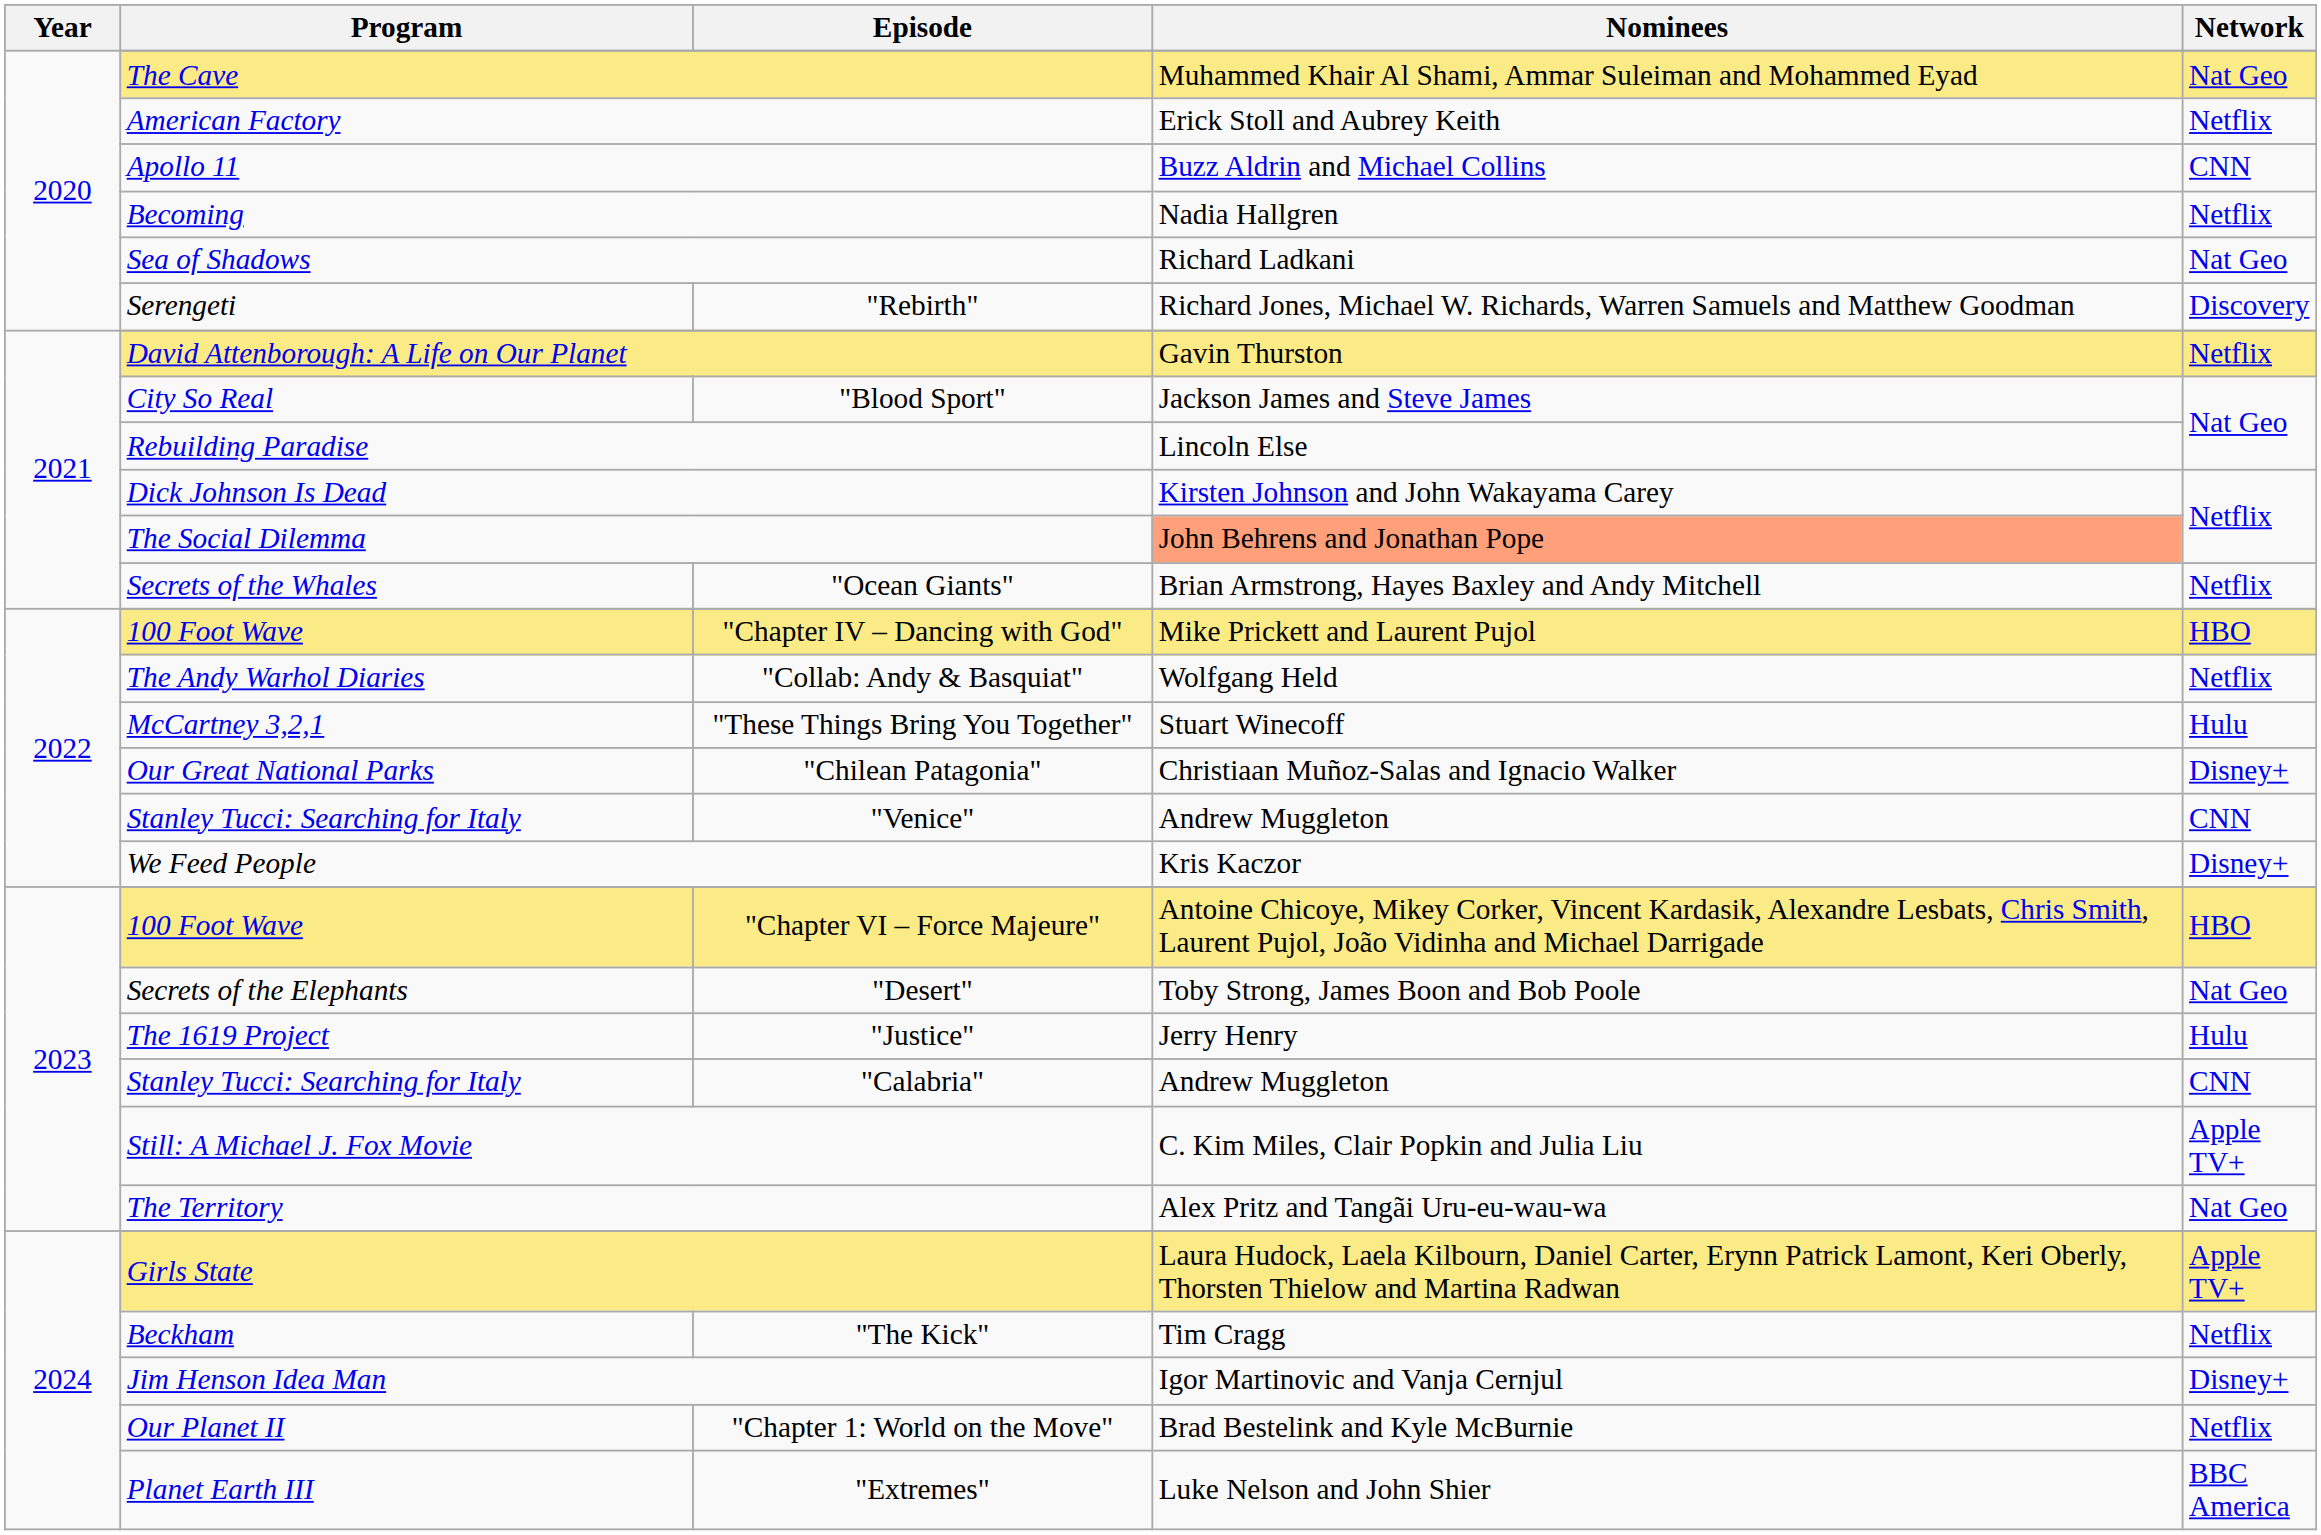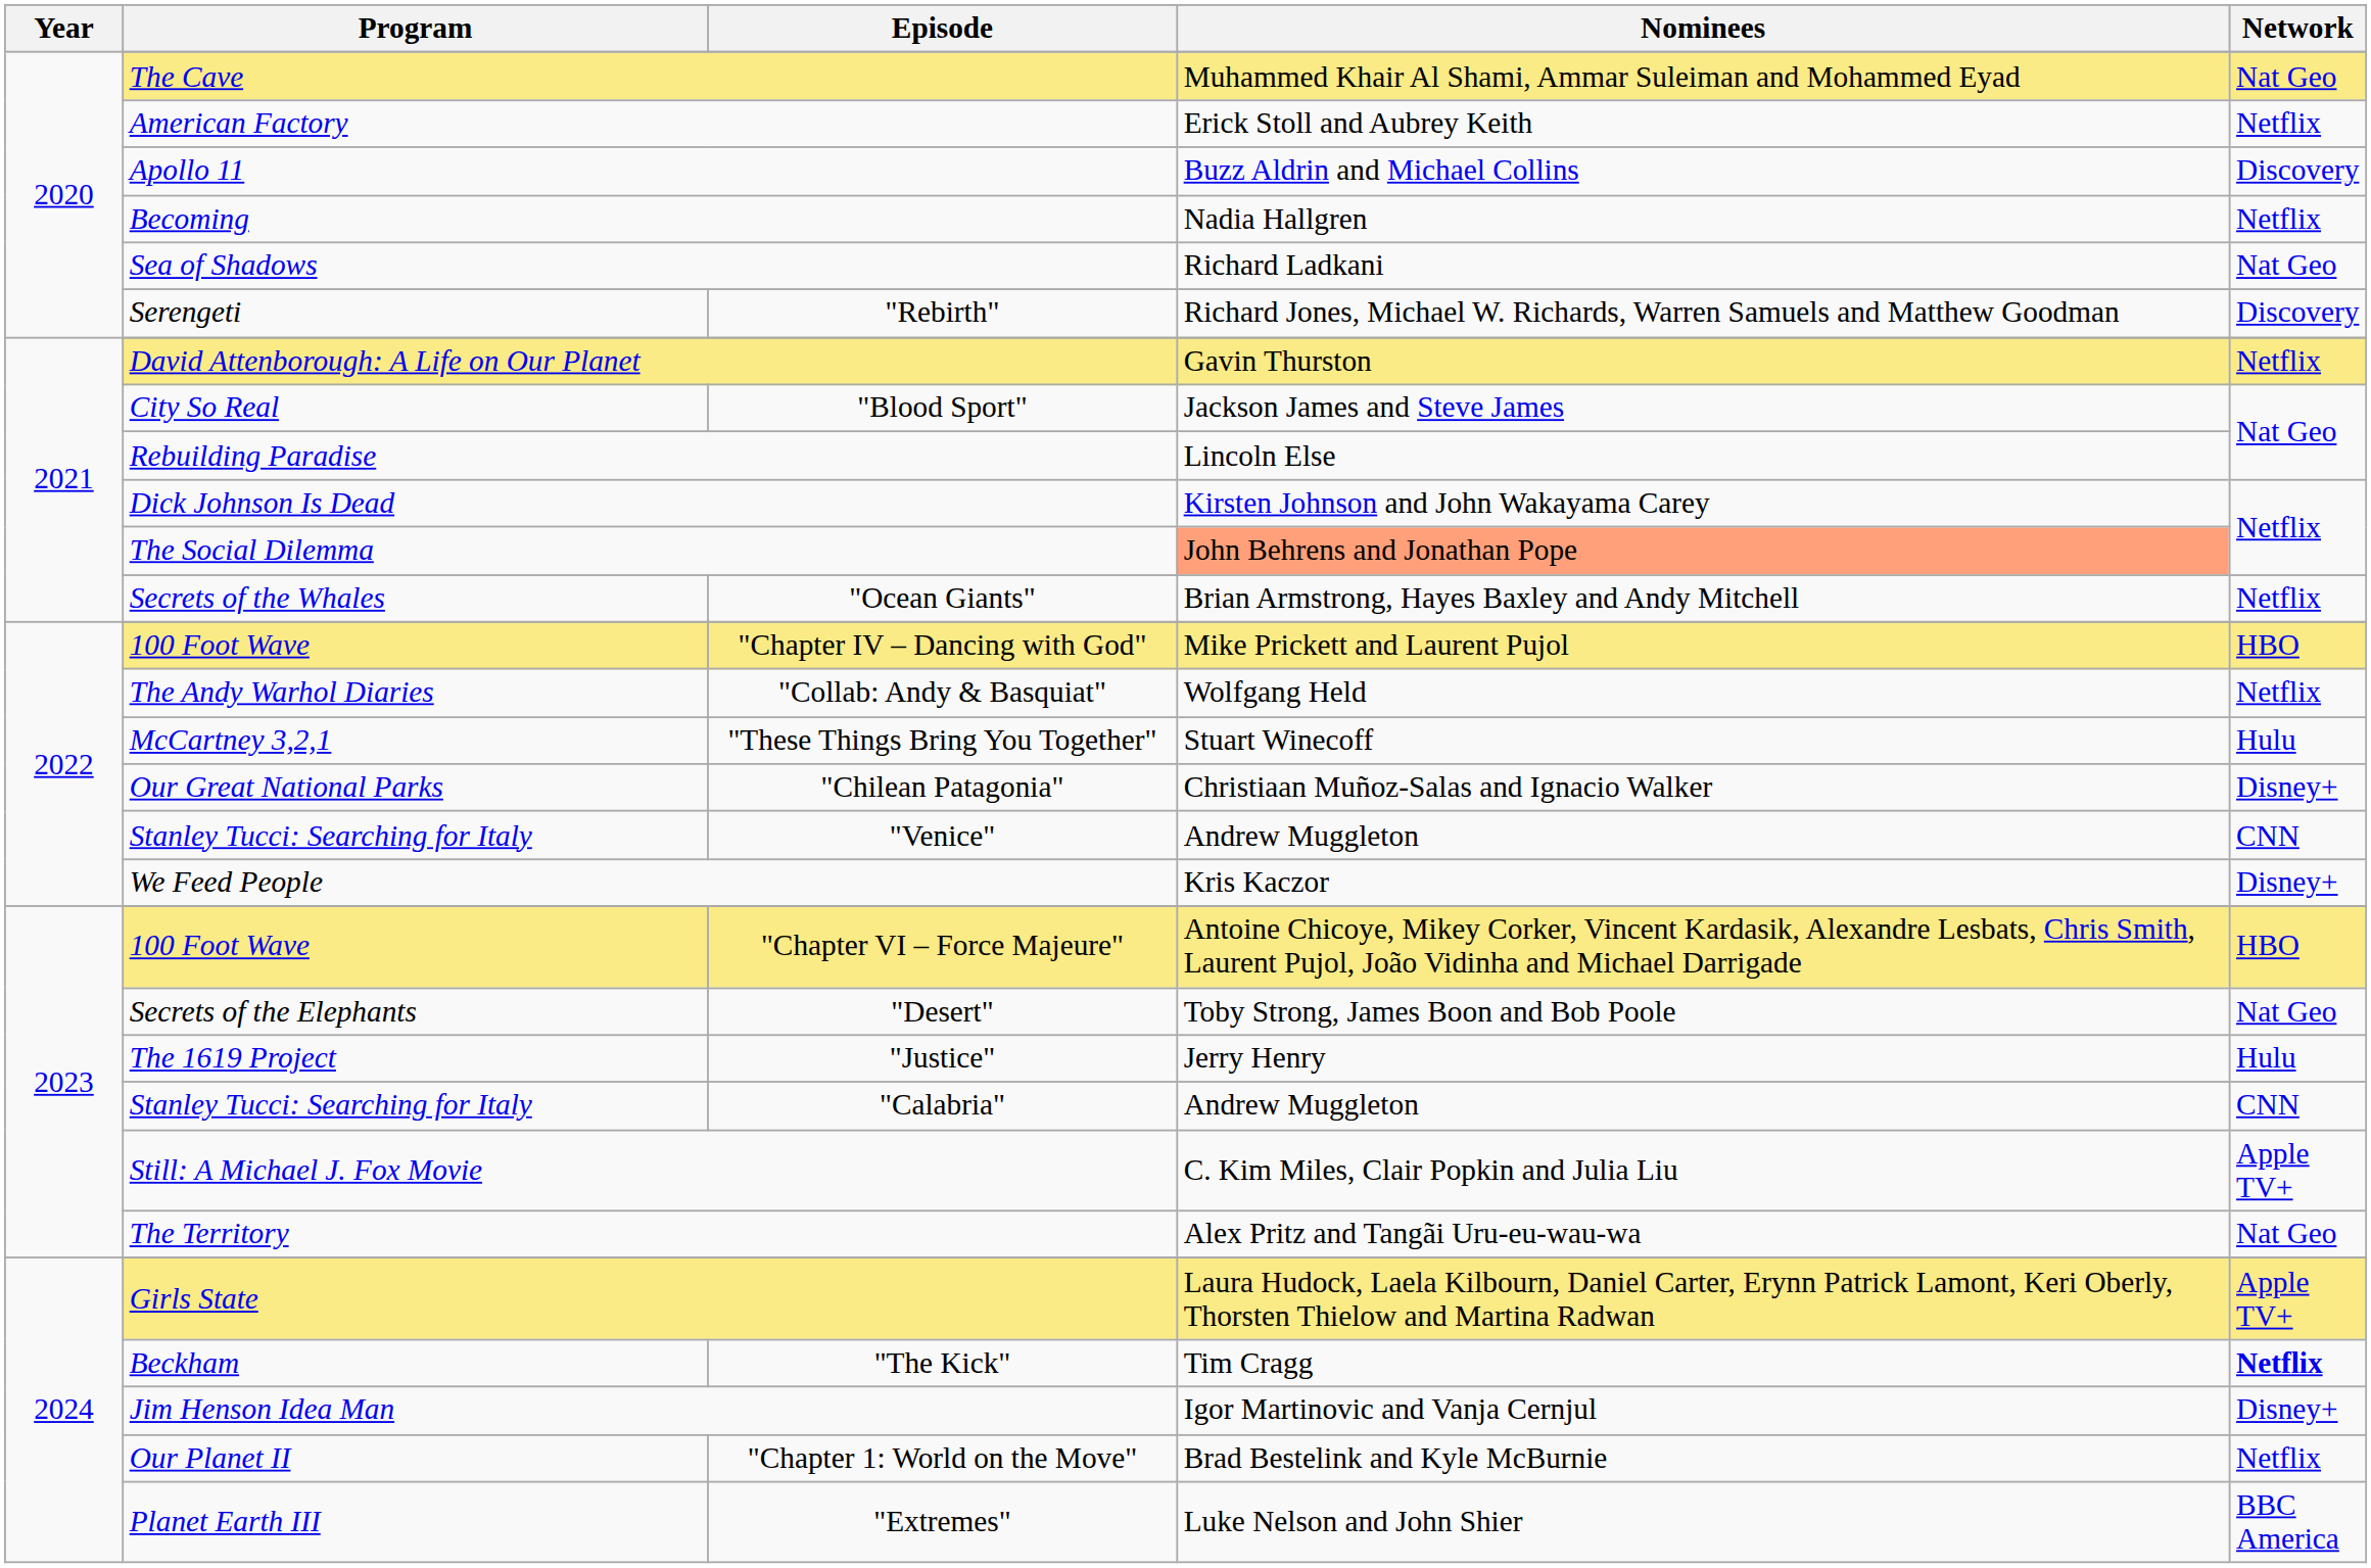 <table class="wikitable" style="width:100%">
 <tr style="background:#bebebe;">
 <th style="width:5%;">Year</th>
 <th style="width:25%;">Program</th>
 <th style="width:20%;">Episode</th>
 <th style="width:45%;">Nominees</th>
 <th style="width:5%;">Network</th>
 </tr>
 <tr>
 <td rowspan=7 style="text-align:center;"><a href='#'>2020</a><br></td>
 </tr>
 <tr style="background:#FAEB86;">
 <td colspan=2><em><a href='#'>The Cave</a></em></td>
 <td>Muhammed Khair Al Shami, Ammar Suleiman and Mohammed Eyad</td>
 <td><a href='#'>Nat Geo</a></td>
 </tr>
 <tr>
 <td colspan=2><em><a href='#'>American Factory</a></em></td>
 <td>Erick Stoll and Aubrey Keith</td>
 <td><a href='#'>Netflix</a></td>
 </tr>
 <tr>
 <td colspan=2><em><a href='#'>Apollo 11</a></em></td>
 <td><a href='#'>Buzz Aldrin</a> and <a href='#'>Michael Collins</a></td>
-<td><a href='#'>CNN</a></td>
+<td><a href='#'>Discovery</a></td>
 </tr>
 <tr>
 <td colspan=2><em><a href='#'>Becoming</a></em></td>
 <td>Nadia Hallgren</td>
 <td><a href='#'>Netflix</a></td>
 </tr>
 <tr>
 <td colspan=2><em><a href='#'>Sea of Shadows</a></em></td>
 <td>Richard Ladkani</td>
 <td><a href='#'>Nat Geo</a></td>
 </tr>
 <tr>
 <td><em>Serengeti</em></td>
 <td align=center>"Rebirth"</td>
 <td>Richard Jones, Michael W. Richards, Warren Samuels and Matthew Goodman</td>
 <td><a href='#'>Discovery</a></td>
 </tr>
 <tr>
 <td rowspan=7 style="text-align:center;"><a href='#'>2021</a><br></td>
 </tr>
 <tr style="background:#FAEB86;">
 <td colspan=2><em><a href='#'>David Attenborough: A Life on Our Planet</a></em></td>
 <td>Gavin Thurston</td>
 <td><a href='#'>Netflix</a></td>
 </tr>
 <tr>
 <td><em><a href='#'>City So Real</a></em></td>
 <td align=center>"Blood Sport"</td>
 <td>Jackson James and <a href='#'>Steve James</a></td>
 <td rowspan="2"><a href='#'>Nat Geo</a></td>
 </tr>
 <tr>
 <td colspan=2><em><a href='#'>Rebuilding Paradise</a></em></td>
 <td>Lincoln Else</td>
 </tr>
 <tr>
 <td colspan=2><em><a href='#'>Dick Johnson Is Dead</a></em></td>
 <td><a href='#'>Kirsten Johnson</a> and John Wakayama Carey</td>
 <td rowspan="2"><a href='#'>Netflix</a></td>
 </tr>
 <tr>
 <td colspan="2"><em><a href='#'>The Social Dilemma</a></em></td>
 <td style="background: lightsalmon;">John Behrens and Jonathan Pope</td>
 </tr>
 <tr>
 <td><em><a href='#'>Secrets of the Whales</a></em></td>
 <td align=center>"Ocean Giants"</td>
 <td>Brian Armstrong, Hayes Baxley and Andy Mitchell</td>
 <td><a href='#'>Netflix</a></td>
 </tr>
 <tr>
 <td rowspan=7 style="text-align:center;"><a href='#'>2022</a><br></td>
 </tr>
 <tr style="background:#FAEB86;">
 <td><em><a href='#'>100 Foot Wave</a></em></td>
 <td align=center>"Chapter IV – Dancing with God"</td>
 <td>Mike Prickett and Laurent Pujol</td>
 <td><a href='#'>HBO</a></td>
 </tr>
 <tr>
 <td><em><a href='#'>The Andy Warhol Diaries</a></em></td>
 <td align=center>"Collab: Andy & Basquiat"</td>
 <td>Wolfgang Held</td>
 <td><a href='#'>Netflix</a></td>
 </tr>
 <tr>
 <td><em><a href='#'>McCartney 3,2,1</a></em></td>
 <td align=center>"These Things Bring You Together"</td>
 <td>Stuart Winecoff</td>
 <td><a href='#'>Hulu</a></td>
 </tr>
 <tr>
 <td><em><a href='#'>Our Great National Parks</a></em></td>
 <td align=center>"Chilean Patagonia"</td>
 <td>Christiaan Muñoz-Salas and Ignacio Walker</td>
 <td><a href='#'>Disney+</a></td>
 </tr>
 <tr>
 <td><em><a href='#'>Stanley Tucci: Searching for Italy</a></em></td>
 <td align=center>"Venice"</td>
 <td>Andrew Muggleton</td>
 <td><a href='#'>CNN</a></td>
 </tr>
 <tr>
 <td colspan="2"><em>We Feed People</em></td>
 <td>Kris Kaczor</td>
 <td><a href='#'>Disney+</a></td>
 </tr>
 <tr>
 <td rowspan=7 style="text-align:center;"><a href='#'>2023</a><br></td>
 </tr>
 <tr style="background:#FAEB86;">
 <td><em><a href='#'>100 Foot Wave</a></em></td>
 <td align=center>"Chapter VI – Force Majeure"</td>
 <td>Antoine Chicoye, Mikey Corker, Vincent Kardasik, Alexandre Lesbats, <a href='#'>Chris Smith</a>, Laurent Pujol, João Vidinha and Michael Darrigade</td>
 <td><a href='#'>HBO</a></td>
 </tr>
 <tr>
 <td><em>Secrets of the Elephants</em></td>
 <td align=center>"Desert"</td>
 <td>Toby Strong, James Boon and Bob Poole</td>
 <td><a href='#'>Nat Geo</a></td>
 </tr>
 <tr>
 <td><em><a href='#'>The 1619 Project</a></em></td>
 <td align=center>"Justice"</td>
 <td>Jerry Henry</td>
 <td><a href='#'>Hulu</a></td>
 </tr>
 <tr>
 <td><em><a href='#'>Stanley Tucci: Searching for Italy</a></em></td>
 <td align=center>"Calabria"</td>
 <td>Andrew Muggleton</td>
 <td><a href='#'>CNN</a></td>
 </tr>
 <tr>
 <td colspan="2"><em><a href='#'>Still: A Michael J. Fox Movie</a></em></td>
 <td>C. Kim Miles, Clair Popkin and Julia Liu</td>
 <td><a href='#'>Apple TV+</a></td>
 </tr>
 <tr>
 <td colspan="2"><em><a href='#'>The Territory</a></em></td>
 <td>Alex Pritz and Tangãi Uru-eu-wau-wa</td>
 <td><a href='#'>Nat Geo</a></td>
 </tr>
 <tr>
 <td rowspan=6 style="text-align:center;"><a href='#'>2024</a><br></td>
 </tr>
 <tr style="background:#FAEB86;">
 <td colspan="2"><em><a href='#'>Girls State</a></em></td>
 <td>Laura Hudock, Laela Kilbourn, Daniel Carter, Erynn Patrick Lamont, Keri Oberly, Thorsten Thielow and Martina Radwan</td>
 <td><a href='#'>Apple TV+</a></td>
 </tr>
 <tr>
 <td><em><a href='#'>Beckham</a></em></td>
 <td align=center>"The Kick"</td>
 <td>Tim Cragg</td>
-<td><a href='#'>Netflix</a></td>
+<td><strong><a href='#'>Netflix</a></strong></td>
 </tr>
 <tr>
 <td colspan="2"><em><a href='#'>Jim Henson Idea Man</a></em></td>
 <td>Igor Martinovic and Vanja Cernjul</td>
 <td><a href='#'>Disney+</a></td>
 </tr>
 <tr>
 <td><em><a href='#'>Our Planet II</a></em></td>
 <td align=center>"Chapter 1: World on the Move"</td>
 <td>Brad Bestelink and Kyle McBurnie</td>
 <td><a href='#'>Netflix</a></td>
 </tr>
 <tr>
 <td><em><a href='#'>Planet Earth III</a></em></td>
 <td align=center>"Extremes"</td>
 <td>Luke Nelson and John Shier</td>
 <td><a href='#'>BBC America</a></td>
 </tr>
 </table>
